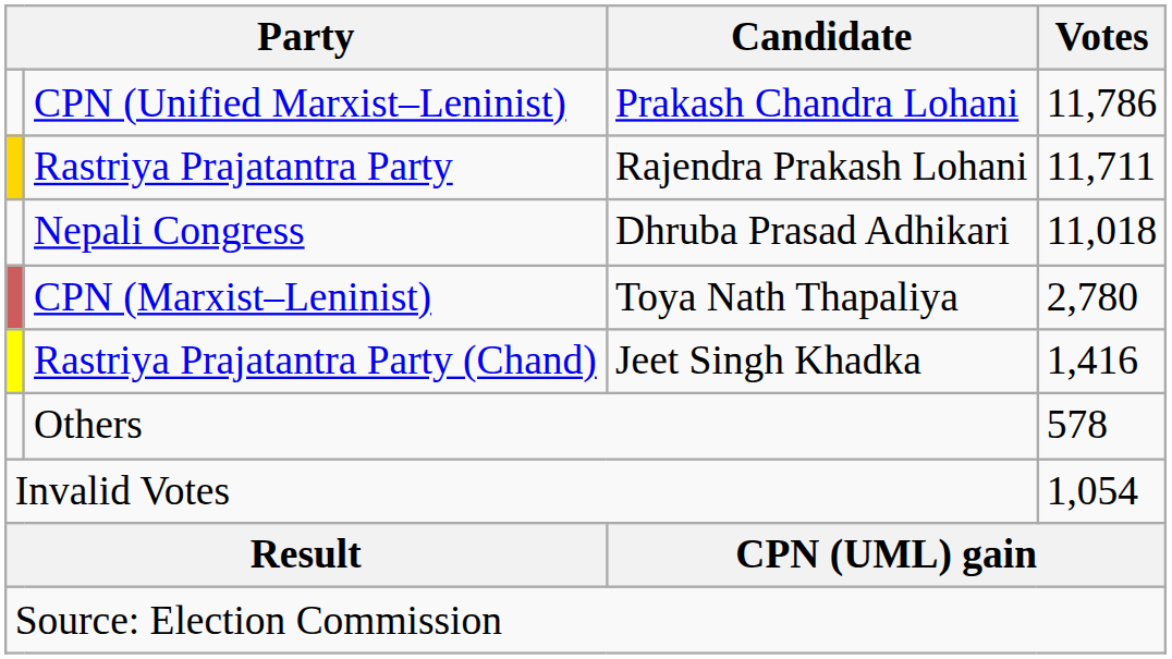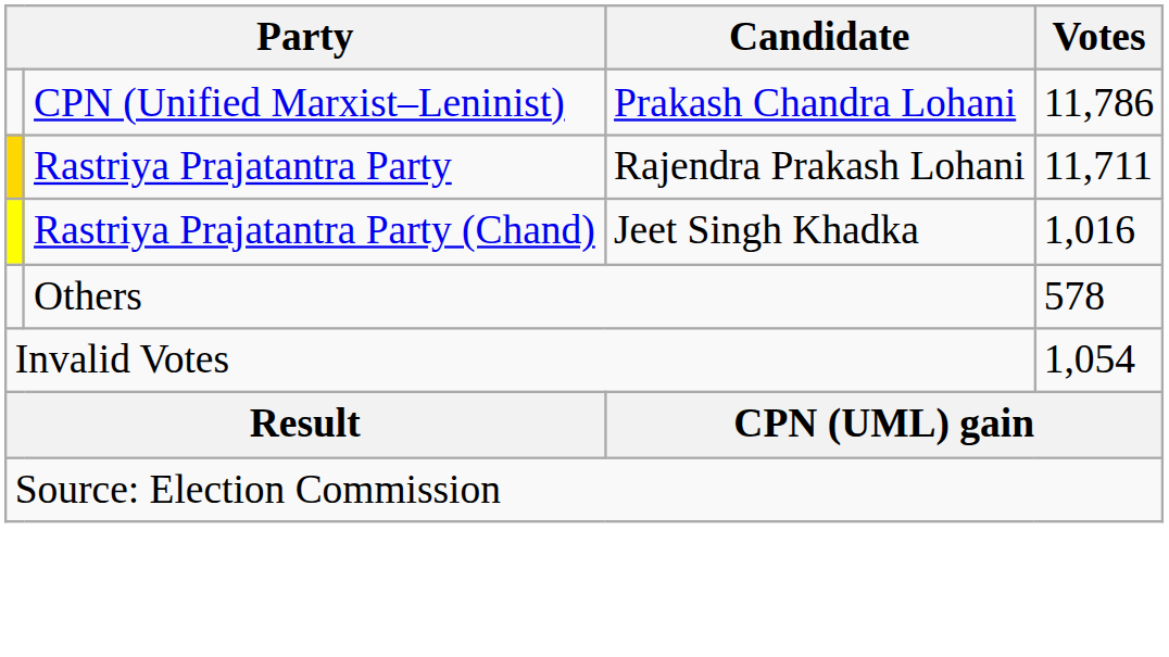 <table class="wikitable">
 <tr>
 <th colspan="2">Party</th>
 <th>Candidate</th>
 <th>Votes</th>
 </tr>
 <tr>
 <td style="background-color:"></td>
 <td><a href='#'>CPN (Unified Marxist–Leninist)</a></td>
 <td><a href='#'>Prakash Chandra Lohani</a></td>
 <td>11,786</td>
 </tr>
 <tr>
 <td style="background-color:gold"></td>
 <td><a href='#'>Rastriya Prajatantra Party</a></td>
 <td>Rajendra Prakash Lohani</td>
 <td>11,711</td>
 </tr>
 <tr>
-<td style="background-color:"></td>
-<td><a href='#'>Nepali Congress</a></td>
-<td>Dhruba Prasad Adhikari</td>
-<td>11,018</td>
-</tr>
-<tr>
-<td style="background-color:indianred"></td>
-<td><a href='#'>CPN (Marxist–Leninist)</a></td>
-<td>Toya Nath Thapaliya</td>
-<td>2,780</td>
-</tr>
-<tr>
 <td style="background-color:yellow"></td>
 <td><a href='#'>Rastriya Prajatantra Party (Chand)</a></td>
 <td>Jeet Singh Khadka</td>
-<td>1,416</td>
+<td>1,016</td>
 </tr>
 <tr>
 <td></td>
 <td colspan="2">Others</td>
 <td>578</td>
 </tr>
 <tr>
 <td colspan="3">Invalid Votes</td>
 <td>1,054</td>
 </tr>
 <tr>
 <th colspan="2">Result</th>
 <th colspan="2">CPN (UML) gain</th>
 </tr>
 <tr>
 <td colspan="4">Source: Election Commission</td>
 </tr>
 </table>
